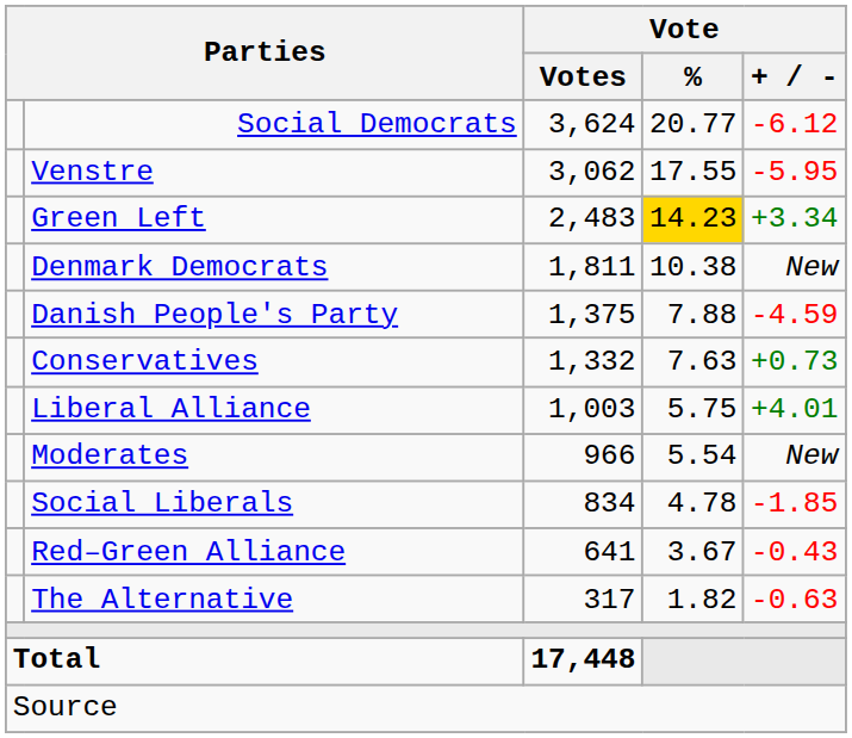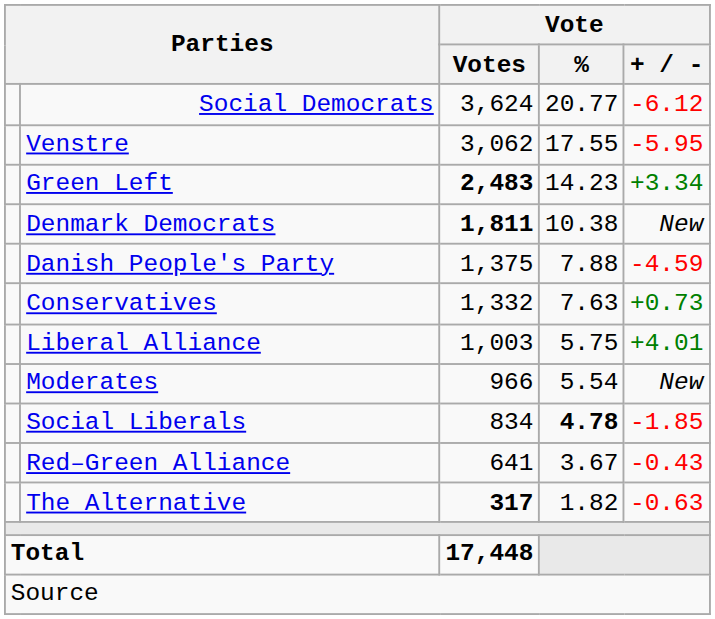 <table class="wikitable" style="text-align:right;">
 <tr>
 <th style="text-align:centre;" rowspan="2" colspan="2" width="225">Parties</th>
 <th colspan="3">Vote</th>
 </tr>
 <tr>
 <th width="15">Votes</th>
 <th width="15">%</th>
 <th width="15">+ / -</th>
 </tr>
 <tr>
 <td width=2 bgcolor=></td>
 <td><a href='#'>Social Democrats</a></td>
 <td>3,624</td>
 <td>20.77</td>
 <td style=color:red;>-6.12</td>
 </tr>
 <tr>
 <td width=2 bgcolor=></td>
 <td align=left><a href='#'>Venstre</a></td>
 <td>3,062</td>
 <td>17.55</td>
 <td style=color:red;>-5.95</td>
 </tr>
 <tr>
 <td width=2 bgcolor=></td>
 <td align=left><a href='#'>Green Left</a></td>
-<td>2,483</td>
-<td style="background: gold;">14.23</td>
+<td><strong>2,483</strong></td>
+<td>14.23</td>
 <td style=color:green;>+3.34</td>
 </tr>
 <tr>
 <td width=2 bgcolor=></td>
 <td align=left><a href='#'>Denmark Democrats</a></td>
-<td>1,811</td>
+<td><strong>1,811</strong></td>
 <td>10.38</td>
 <td><em>New</em></td>
 </tr>
 <tr>
 <td width=2 bgcolor=></td>
 <td align=left><a href='#'>Danish People's Party</a></td>
 <td>1,375</td>
 <td>7.88</td>
 <td style=color:red;>-4.59</td>
 </tr>
 <tr>
 <td width=2 bgcolor=></td>
 <td align=left><a href='#'>Conservatives</a></td>
 <td>1,332</td>
 <td>7.63</td>
 <td style=color:green;>+0.73</td>
 </tr>
 <tr>
 <td width=2 bgcolor=></td>
 <td align=left><a href='#'>Liberal Alliance</a></td>
 <td>1,003</td>
 <td>5.75</td>
 <td style=color:green;>+4.01</td>
 </tr>
 <tr>
 <td width=2 bgcolor=></td>
 <td align=left><a href='#'>Moderates</a></td>
 <td>966</td>
 <td>5.54</td>
 <td><em>New</em></td>
 </tr>
 <tr>
 <td width=2 bgcolor=></td>
 <td align=left><a href='#'>Social Liberals</a></td>
 <td>834</td>
-<td>4.78</td>
+<td><strong>4.78</strong></td>
 <td style=color:red;>-1.85</td>
 </tr>
 <tr>
 <td width=2 bgcolor=></td>
 <td align=left><a href='#'>Red–Green Alliance</a></td>
 <td>641</td>
 <td>3.67</td>
 <td style=color:red;>-0.43</td>
 </tr>
 <tr>
 <td width=2 bgcolor=></td>
 <td align=left><a href='#'>The Alternative</a></td>
-<td>317</td>
+<td><strong>317</strong></td>
 <td>1.82</td>
 <td style=color:red;>-0.63</td>
 </tr>
 <tr>
 <td colspan="7" bgcolor="#E9E9E9"></td>
 </tr>
 <tr>
 <td align="left" colspan="2"><strong>Total</strong></td>
 <td><strong>17,448</strong></td>
 <td bgcolor=#E9E9E9 colspan=2></td>
 </tr>
 <tr>
 <td align="left" colspan="6">Source</td>
 </tr>
 </table>
